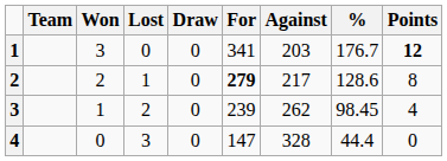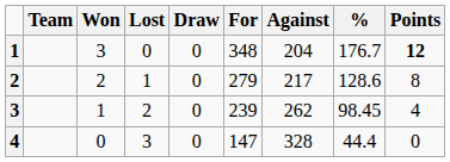 <table class="wikitable">
 <tr>
 <td></td>
 <th>Team</th>
 <th>Won</th>
 <th>Lost</th>
 <th>Draw</th>
 <th>For</th>
 <th>Against</th>
 <th>%</th>
 <th>Points</th>
 </tr>
 <tr>
 <th>1</th>
 <td></td>
 <td align=center>3</td>
 <td align=center>0</td>
 <td align=center>0</td>
-<td align=center>341</td>
-<td align=center>203</td>
+<td align=center>348</td>
+<td align=center>204</td>
 <td align=center>176.7</td>
 <td align=center><strong>12</strong></td>
 </tr>
 <tr>
 <th>2</th>
 <td></td>
 <td align=center>2</td>
 <td align=center>1</td>
 <td align=center>0</td>
-<td align=center><strong>279</strong></td>
+<td align=center>279</td>
 <td align=center>217</td>
 <td align=center>128.6</td>
 <td align=center>8</td>
 </tr>
 <tr>
 <th>3</th>
 <td></td>
 <td align=center>1</td>
 <td align=center>2</td>
 <td align=center>0</td>
 <td align=center>239</td>
 <td align=center>262</td>
 <td align=center>98.45</td>
 <td align=center>4</td>
 </tr>
 <tr>
 <th>4</th>
 <td></td>
 <td align=center>0</td>
 <td align=center>3</td>
 <td align=center>0</td>
 <td align=center>147</td>
 <td align=center>328</td>
 <td align=center>44.4</td>
 <td align=center>0</td>
 </tr>
 <tr>
 </tr>
 </table>
